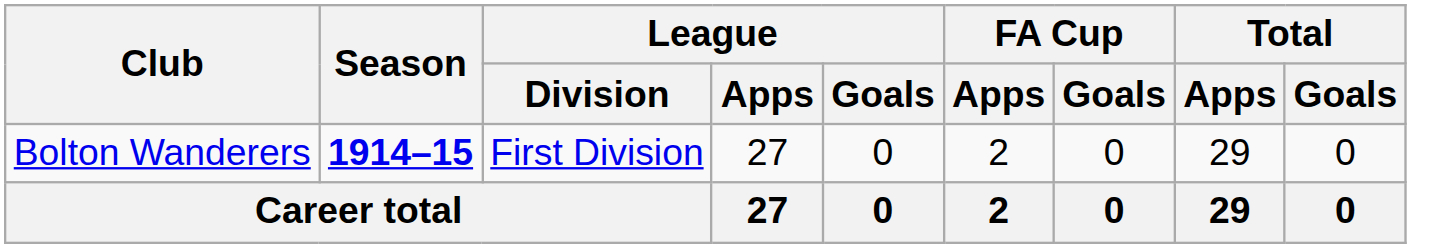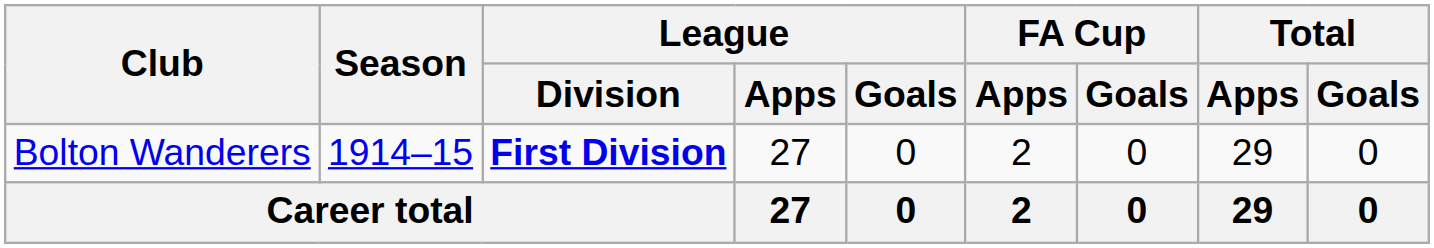 <table class="wikitable" style="text-align: center;">
 <tr>
 <th rowspan="2">Club</th>
 <th rowspan="2">Season</th>
 <th colspan="3">League</th>
 <th colspan="2">FA Cup</th>
 <th colspan="2">Total</th>
 </tr>
 <tr>
 <th>Division</th>
 <th>Apps</th>
 <th>Goals</th>
 <th>Apps</th>
 <th>Goals</th>
 <th>Apps</th>
 <th>Goals</th>
 </tr>
 <tr>
 <td><a href='#'>Bolton Wanderers</a></td>
-<td><strong><a href='#'>1914–15</a></strong></td>
-<td><a href='#'>First Division</a></td>
+<td><a href='#'>1914–15</a></td>
+<td><strong><a href='#'>First Division</a></strong></td>
 <td>27</td>
 <td>0</td>
 <td>2</td>
 <td>0</td>
 <td>29</td>
 <td>0</td>
 </tr>
 <tr>
 <th colspan="3">Career total</th>
 <th>27</th>
 <th>0</th>
 <th>2</th>
 <th>0</th>
 <th>29</th>
 <th>0</th>
 </tr>
 </table>
